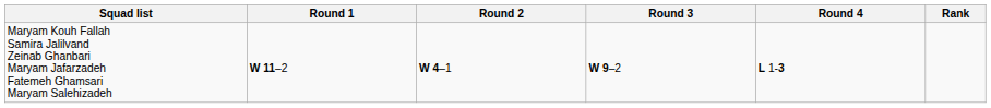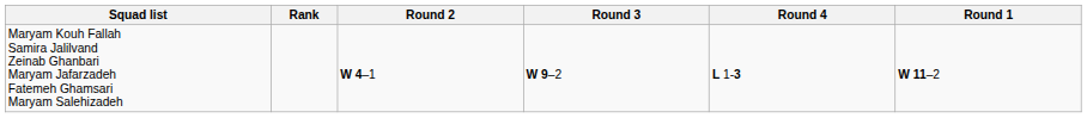 <table class="wikitable" width="80%" style="text-align:left; font-size:90%">
 <tr>
 <th width="20%">Squad list</th>
-<th width="14%">Round 1</th>
+<th width="5%">Rank</th>
 <th width="14%">Round 2</th>
 <th width="14%">Round 3</th>
 <th width="14%">Round 4</th>
-<th width="5%">Rank</th>
+<th width="14%">Round 1</th>
 </tr>
 <tr>
 <td>Maryam Kouh Fallah<br>Samira Jalilvand<br>Zeinab Ghanbari<br>Maryam Jafarzadeh<br>Fatemeh Ghamsari<br>Maryam Salehizadeh</td>
-<td><br><strong>W</strong> <strong>11</strong>–2</td>
+<td align="center"></td>
 <td><br><strong>W</strong> <strong>4</strong>–1</td>
 <td><br><strong>W</strong> <strong>9</strong>–2</td>
 <td><br><strong>L</strong> 1-<strong>3</strong></td>
-<td align="center"></td>
+<td><br><strong>W</strong> <strong>11</strong>–2</td>
 </tr>
 </table>
